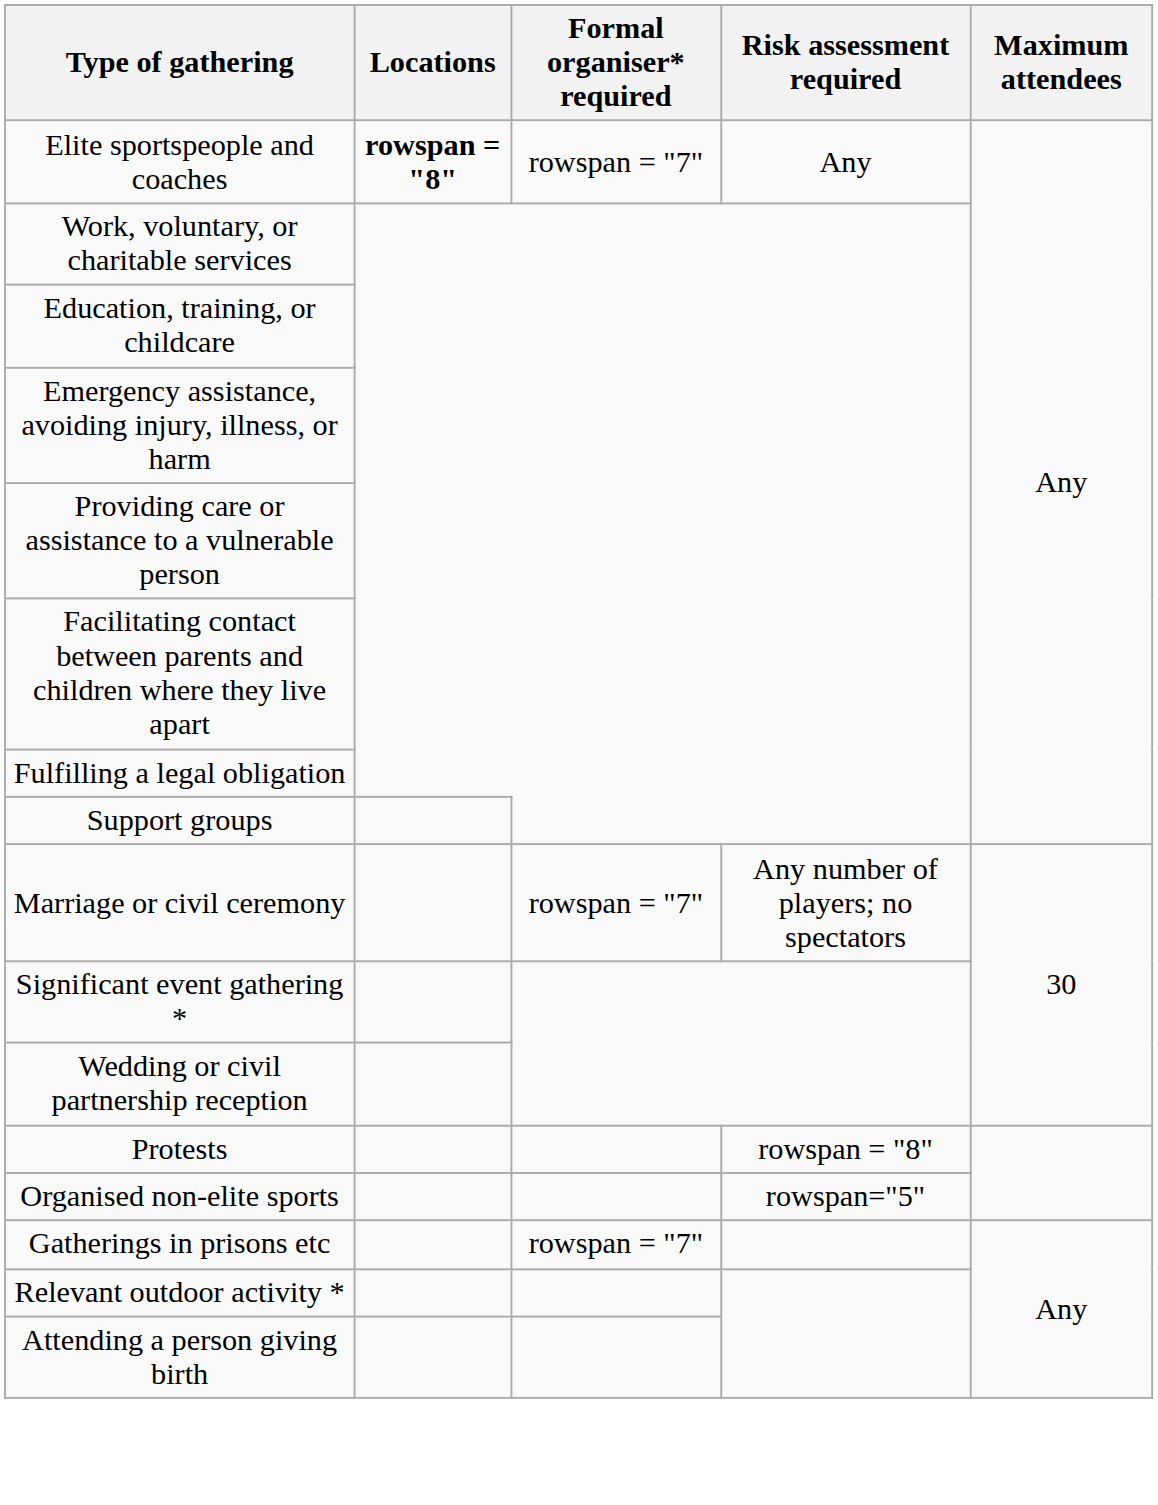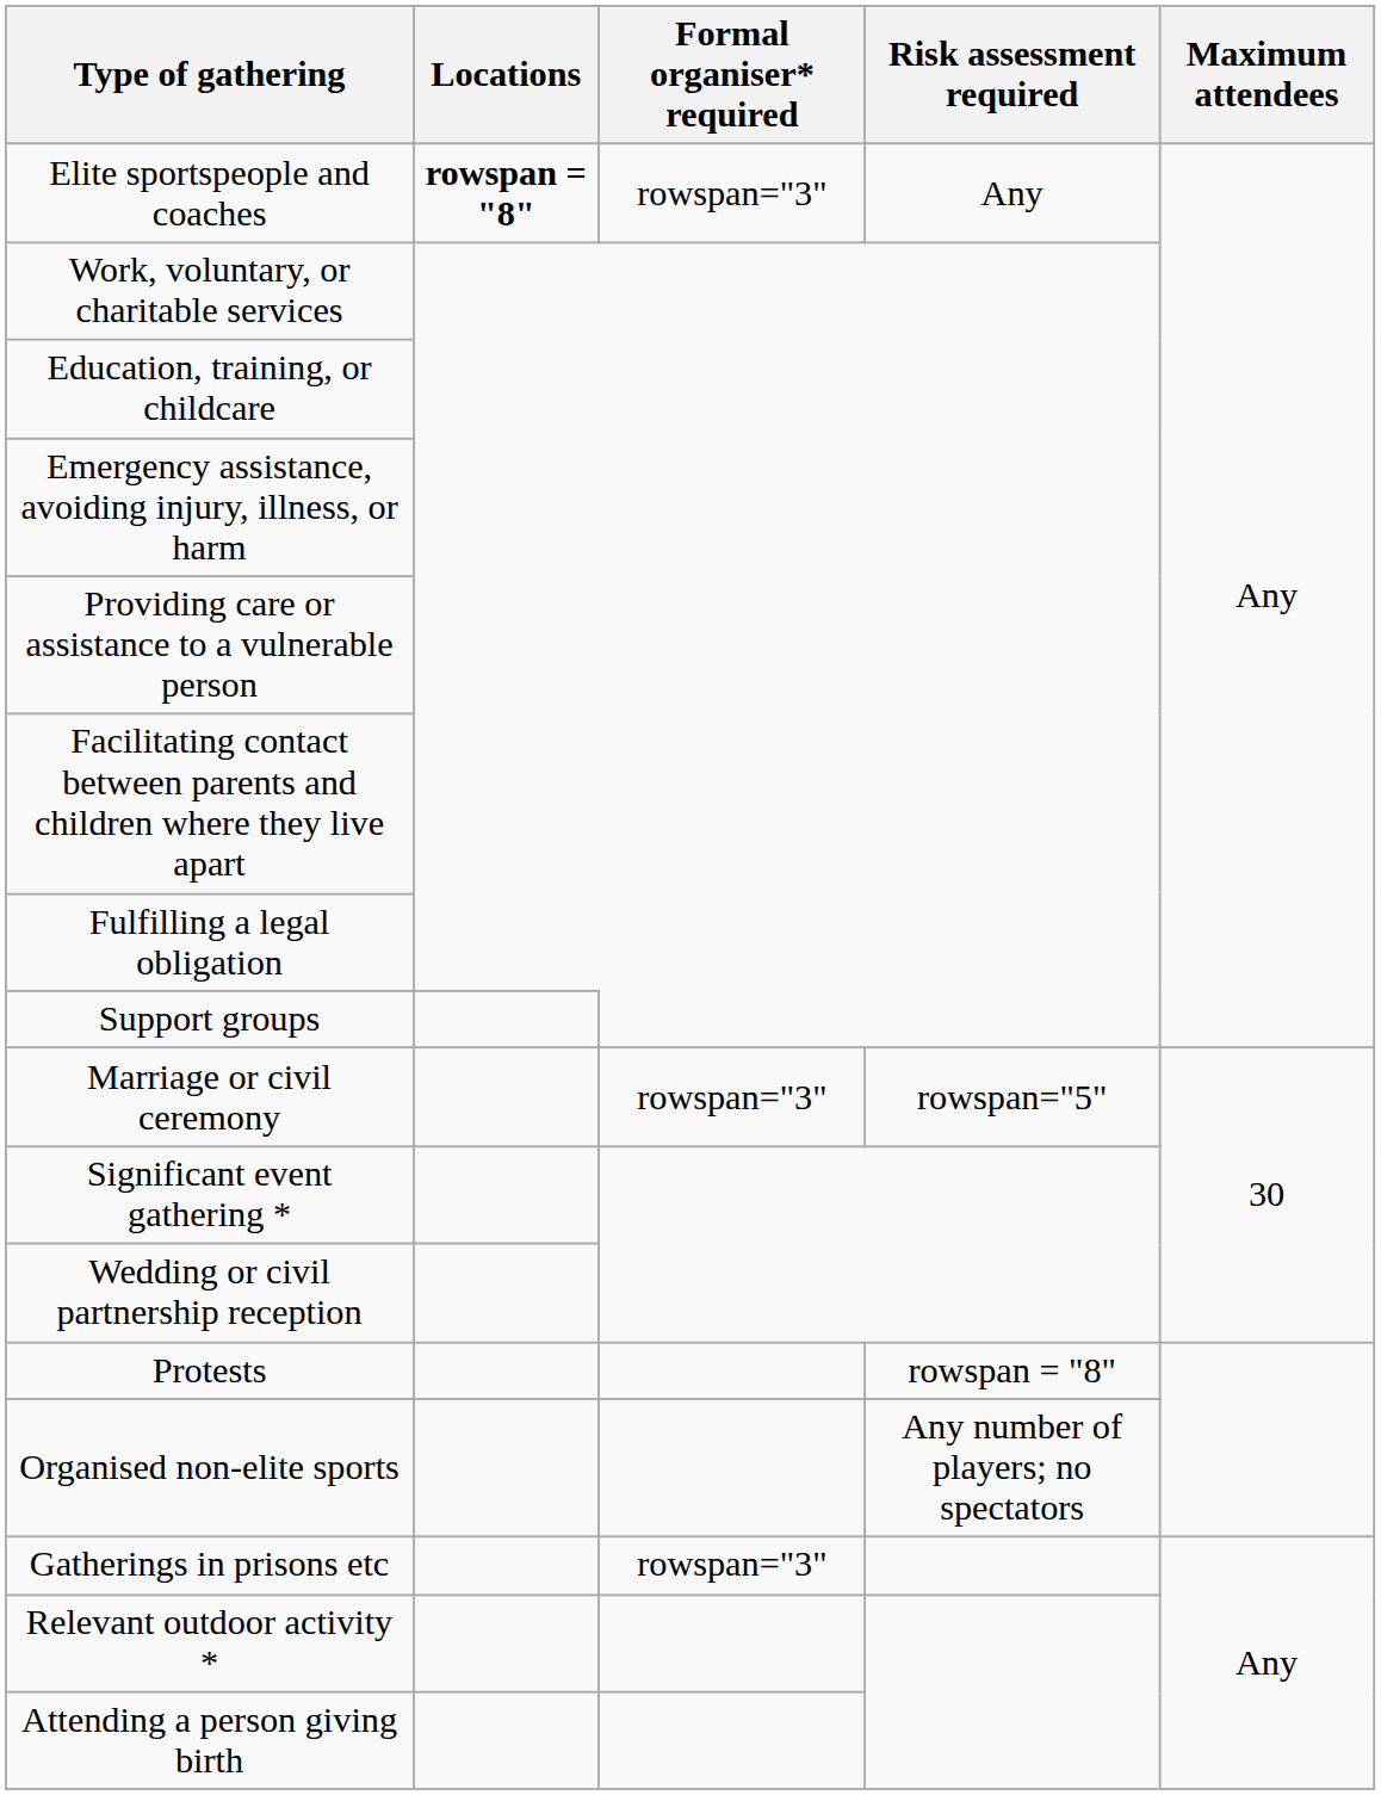 <table class="wikitable" style="text-align: center;">
 <tr>
 <th>Type of gathering</th>
 <th>Locations</th>
 <th>Formal organiser* required</th>
 <th>Risk assessment required</th>
 <th>Maximum attendees</th>
 </tr>
 <tr>
 <td>Elite sportspeople and coaches</td>
 <td><strong>rowspan = "8" </strong></td>
-<td>rowspan = "7" </td>
+<td>rowspan="3" </td>
 <td>Any</td>
 <td rowspan = "8">Any</td>
 </tr>
 <tr>
 <td>Work, voluntary, or charitable services</td>
 </tr>
 <tr>
 <td>Education, training, or childcare</td>
 </tr>
 <tr>
 <td>Emergency assistance, avoiding injury, illness, or harm</td>
 </tr>
 <tr>
 <td>Providing care or assistance to a vulnerable person</td>
 </tr>
 <tr>
 <td>Facilitating contact between parents and children where they live apart</td>
 </tr>
 <tr>
 <td>Fulfilling a legal obligation</td>
 </tr>
 <tr>
 <td>Support groups</td>
 <td></td>
 </tr>
 <tr>
 <td>Marriage or civil ceremony</td>
 <td></td>
-<td>rowspan = "7" </td>
-<td>Any number of players; no spectators</td>
+<td>rowspan="3" </td>
+<td>rowspan="5" </td>
 <td rowspan="3">30</td>
 </tr>
 <tr>
 <td>Significant event gathering *</td>
 <td></td>
 </tr>
 <tr>
 <td>Wedding or civil partnership reception</td>
 <td></td>
 </tr>
 <tr>
 <td>Protests</td>
 <td></td>
 <td></td>
 <td>rowspan = "8" </td>
 </tr>
 <tr>
 <td>Organised non-elite sports</td>
 <td></td>
 <td></td>
-<td>rowspan="5" </td>
+<td>Any number of players; no spectators</td>
 </tr>
 <tr>
 <td>Gatherings in prisons etc</td>
 <td></td>
-<td>rowspan = "7" </td>
+<td>rowspan="3" </td>
 <td></td>
 <td rowspan="3">Any</td>
 </tr>
 <tr>
 <td>Relevant outdoor activity *</td>
 <td></td>
 <td></td>
 </tr>
 <tr>
 <td>Attending a person giving birth</td>
 <td></td>
 <td></td>
 </tr>
 </table>
